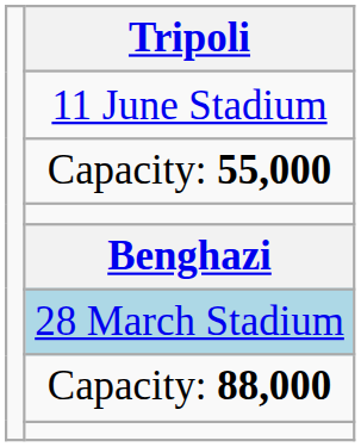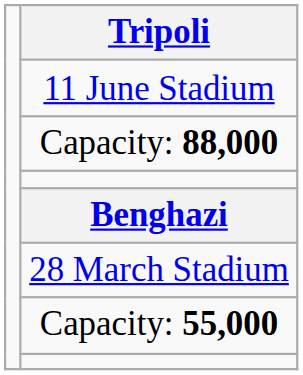 <table class="wikitable" style="text-align:center">
 <tr>
 <td rowspan="8"></td>
 <th><a href='#'>Tripoli</a></th>
 </tr>
 <tr>
 <td><a href='#'>11 June Stadium</a></td>
 </tr>
 <tr>
-<td>Capacity: <strong>55,000</strong></td>
+<td>Capacity: <strong>88,000</strong></td>
 </tr>
 <tr>
 <td></td>
 </tr>
 <tr>
 <th><a href='#'>Benghazi</a></th>
 </tr>
 <tr>
-<td style="background: lightblue;"><a href='#'>28 March Stadium</a></td>
+<td><a href='#'>28 March Stadium</a></td>
 </tr>
 <tr>
-<td>Capacity: <strong>88,000</strong></td>
+<td>Capacity: <strong>55,000</strong></td>
 </tr>
 <tr>
 <td></td>
 </tr>
 </table>
